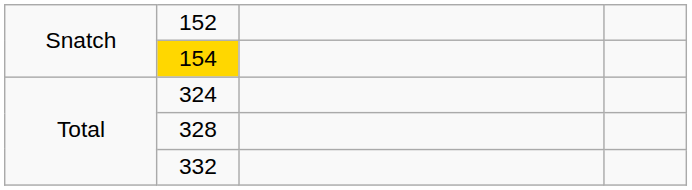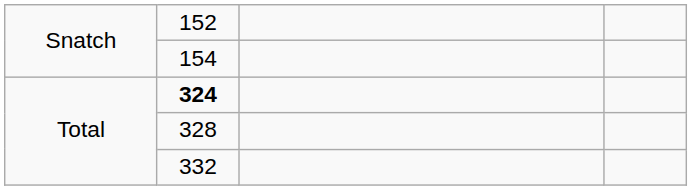 <table class = "wikitable" style="text-align:center;">
 <tr>
 <td width=100 rowspan=2>Snatch</td>
 <td width=50>152</td>
 <td width=250 align=left></td>
 <td width=50></td>
 </tr>
 <tr>
-<td style="background: gold;">154</td>
+<td>154</td>
 <td align=left></td>
 <td></td>
 </tr>
 <tr>
 <td rowspan=3>Total</td>
-<td>324</td>
+<td><strong>324</strong></td>
 <td align=left></td>
 <td></td>
 </tr>
 <tr>
 <td>328</td>
 <td align=left></td>
 <td></td>
 </tr>
 <tr>
 <td>332</td>
 <td align=left></td>
 <td></td>
 </tr>
 </table>
